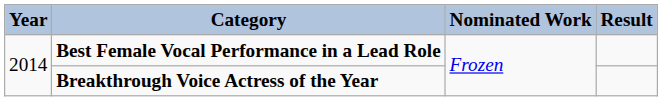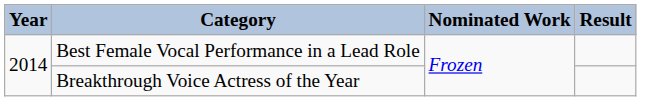 <table class="wikitable">
 <tr align="center">
 <th style="background:#B0C4DE">Year</th>
 <th style="background:#B0C4DE">Category</th>
 <th style="background:#B0C4DE">Nominated Work</th>
 <th style="background:#B0C4DE">Result</th>
 </tr>
 <tr>
 <td rowspan="2">2014</td>
-<td><strong>Best Female Vocal Performance in a Lead Role</strong></td>
+<td>Best Female Vocal Performance in a Lead Role</td>
 <td rowspan="2"><em><a href='#'>Frozen</a></em></td>
 <td></td>
 </tr>
 <tr>
-<td><strong>Breakthrough Voice Actress of the Year</strong></td>
+<td>Breakthrough Voice Actress of the Year</td>
 <td></td>
 </tr>
 </table>
